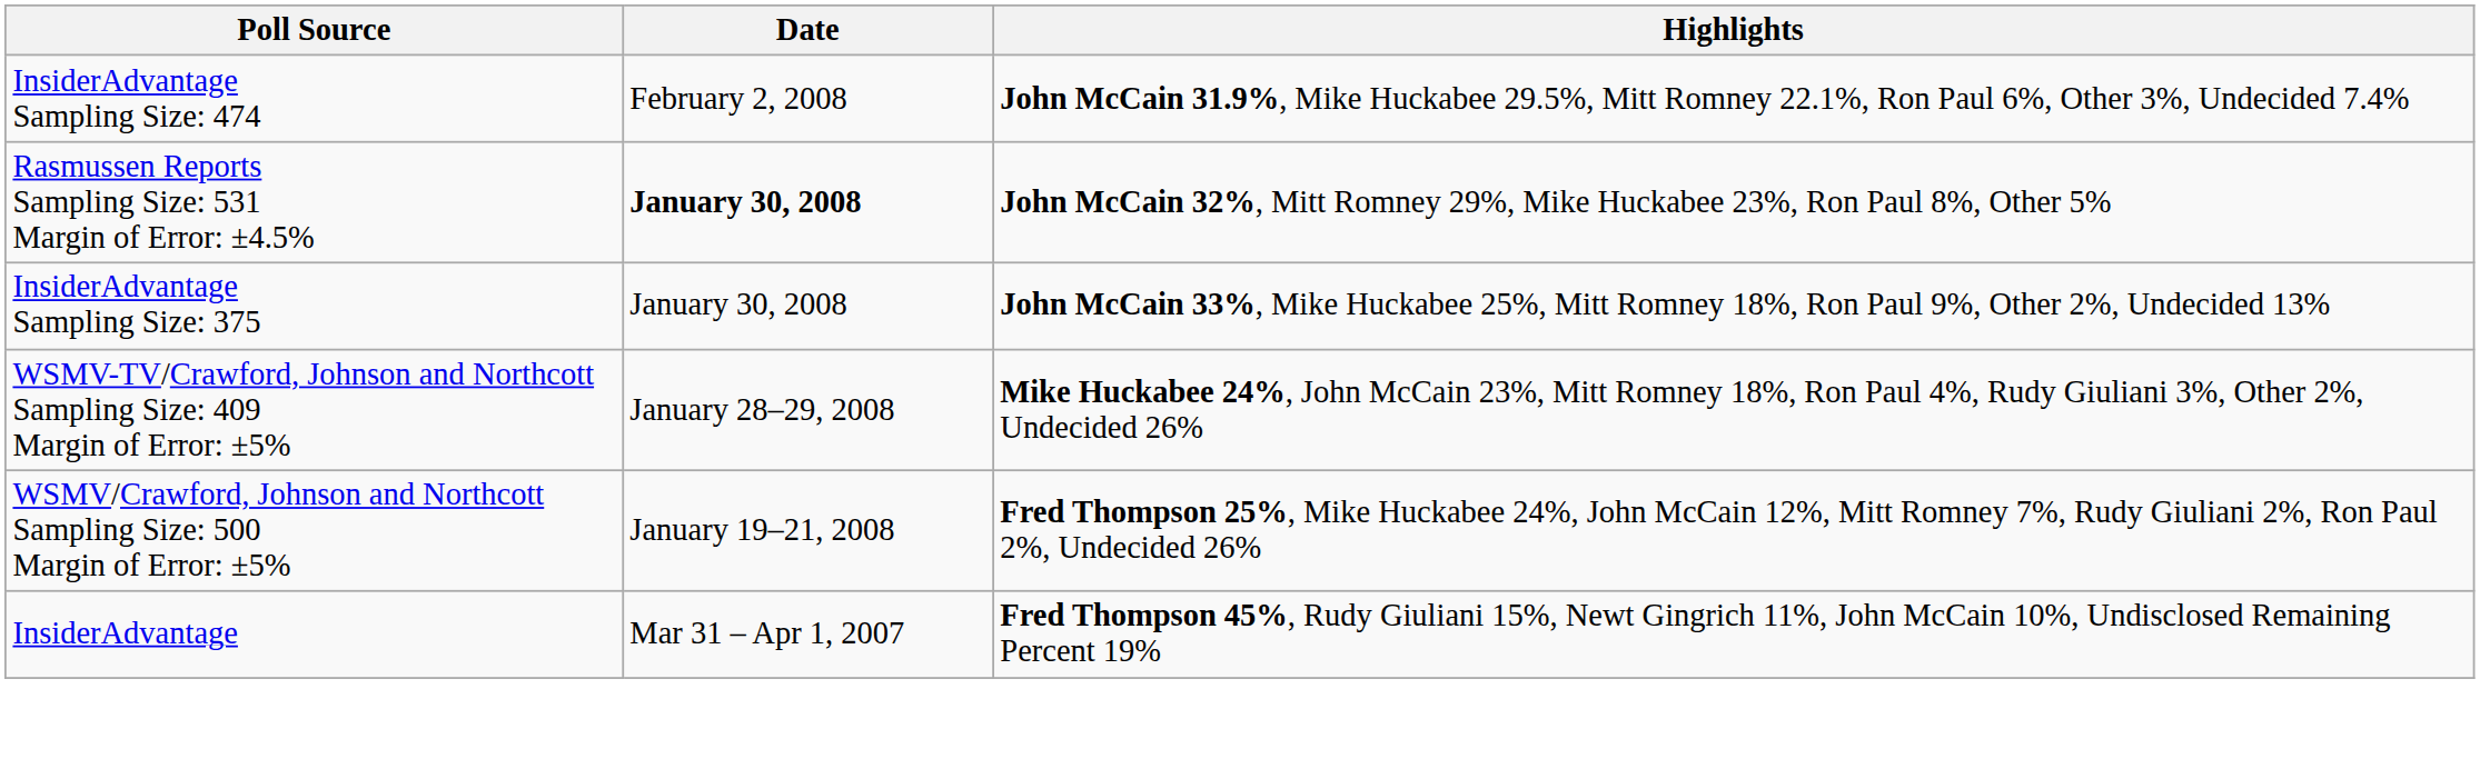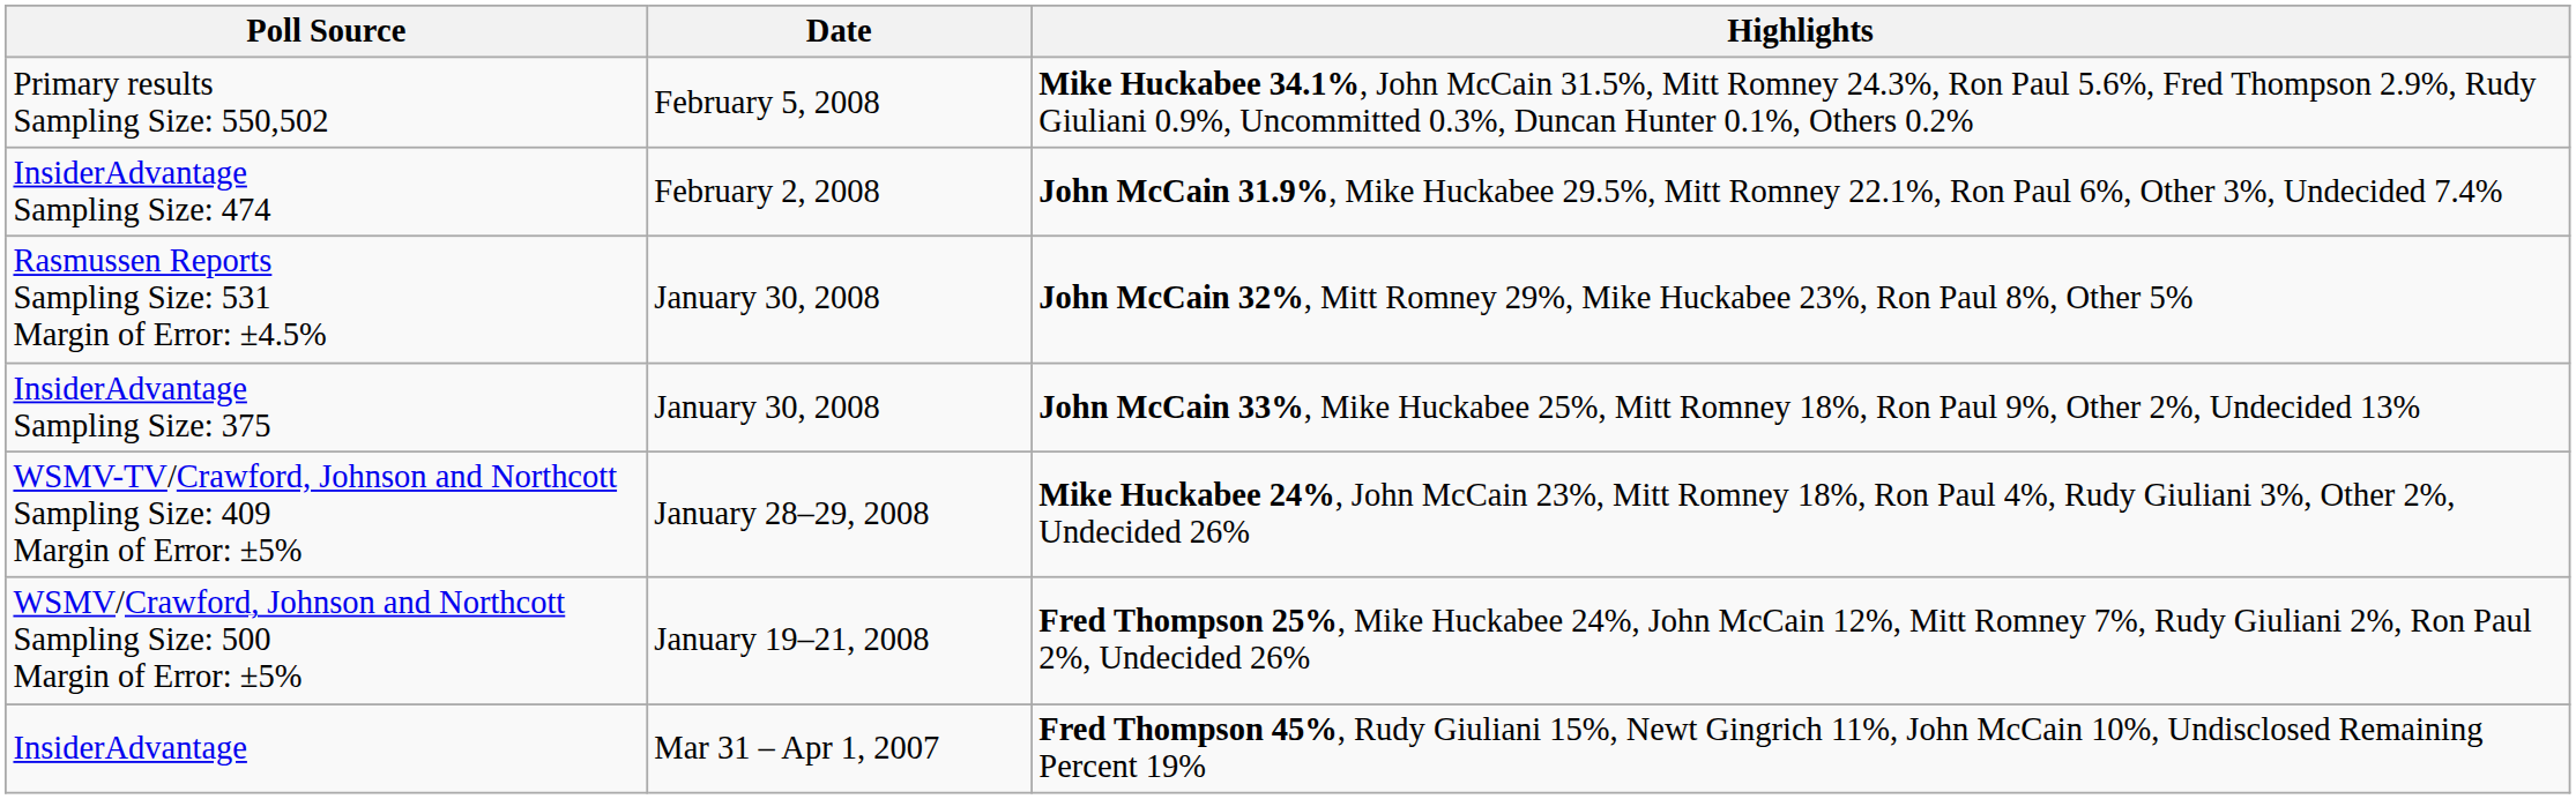 <table class="wikitable sortable">
 <tr>
 <th width="25%">Poll Source</th>
 <th width="15%">Date</th>
 <th width="60%">Highlights</th>
+</tr>
+<tr>
+<td>Primary results<br>Sampling Size: 550,502</td>
+<td>February 5, 2008</td>
+<td><strong>Mike Huckabee 34.1%</strong>, John McCain 31.5%, Mitt Romney 24.3%, Ron Paul 5.6%, Fred Thompson 2.9%, Rudy Giuliani 0.9%, Uncommitted 0.3%, Duncan Hunter 0.1%, Others 0.2%</td>
 </tr>
 <tr>
 <td><a href='#'>InsiderAdvantage</a><br>Sampling Size: 474<br></td>
 <td>February 2, 2008</td>
 <td><strong>John McCain 31.9%</strong>, Mike Huckabee 29.5%, Mitt Romney 22.1%, Ron Paul 6%, Other 3%, Undecided 7.4%</td>
 </tr>
 <tr>
 <td><a href='#'>Rasmussen Reports</a><br>Sampling Size: 531<br> Margin of Error: ±4.5%</td>
-<td><strong>January 30, 2008</strong></td>
+<td>January 30, 2008</td>
 <td><strong>John McCain 32%</strong>, Mitt Romney 29%, Mike Huckabee 23%, Ron Paul 8%, Other 5%</td>
 </tr>
 <tr>
 <td><a href='#'>InsiderAdvantage</a><br>Sampling Size: 375<br></td>
 <td>January 30, 2008</td>
 <td><strong>John McCain 33%</strong>, Mike Huckabee 25%, Mitt Romney 18%, Ron Paul 9%, Other 2%, Undecided 13%</td>
 </tr>
 <tr>
 <td><a href='#'>WSMV-TV</a>/<a href='#'>Crawford, Johnson and Northcott</a><br>Sampling Size: 409<br> Margin of Error: ±5%</td>
 <td>January 28–29, 2008</td>
 <td><strong>Mike Huckabee 24%</strong>, John McCain 23%, Mitt Romney 18%, Ron Paul 4%, Rudy Giuliani 3%, Other 2%, Undecided 26%</td>
 </tr>
 <tr>
 <td><a href='#'>WSMV</a>/<a href='#'>Crawford, Johnson and Northcott</a><br>Sampling Size: 500<br> Margin of Error: ±5%</td>
 <td>January 19–21, 2008</td>
 <td><strong>Fred Thompson 25%</strong>, Mike Huckabee 24%, John McCain 12%, Mitt Romney 7%, Rudy Giuliani 2%, Ron Paul 2%, Undecided 26%</td>
 </tr>
 <tr>
 <td><a href='#'>InsiderAdvantage</a></td>
 <td>Mar 31 – Apr 1,  2007</td>
 <td><strong>Fred Thompson 45%</strong>, Rudy Giuliani 15%, Newt Gingrich 11%, John McCain 10%, Undisclosed Remaining Percent 19%</td>
 </tr>
 </table>
